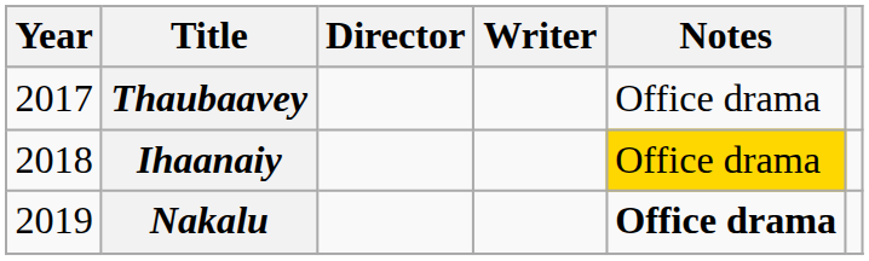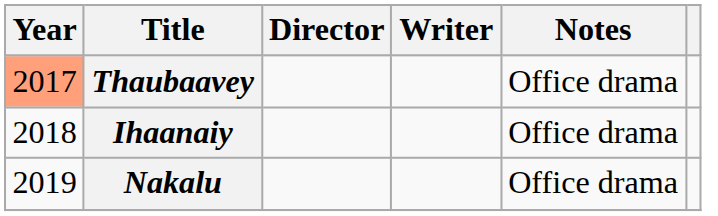 <table class="wikitable sortable plainrowheaders">
 <tr style="background:#ccc; text-align:center;">
 <th scope="col">Year</th>
 <th scope="col">Title</th>
 <th scope="col">Director</th>
 <th scope="col">Writer</th>
 <th scope="col">Notes</th>
 <th scope="col" class="unsortable"></th>
 </tr>
 <tr>
-<td>2017</td>
+<td style="background: lightsalmon;">2017</td>
 <th scope="row"><em>Thaubaavey</em></th>
 <td></td>
 <td></td>
 <td>Office drama</td>
 <td></td>
 </tr>
 <tr>
 <td>2018</td>
 <th scope="row"><em>Ihaanaiy</em></th>
 <td></td>
 <td></td>
-<td style="background: gold;">Office drama</td>
+<td>Office drama</td>
 <td></td>
 </tr>
 <tr>
 <td>2019</td>
 <th scope="row"><em>Nakalu</em></th>
 <td></td>
 <td></td>
-<td><strong>Office drama</strong></td>
+<td>Office drama</td>
 <td></td>
 </tr>
 <tr>
 </tr>
 </table>
